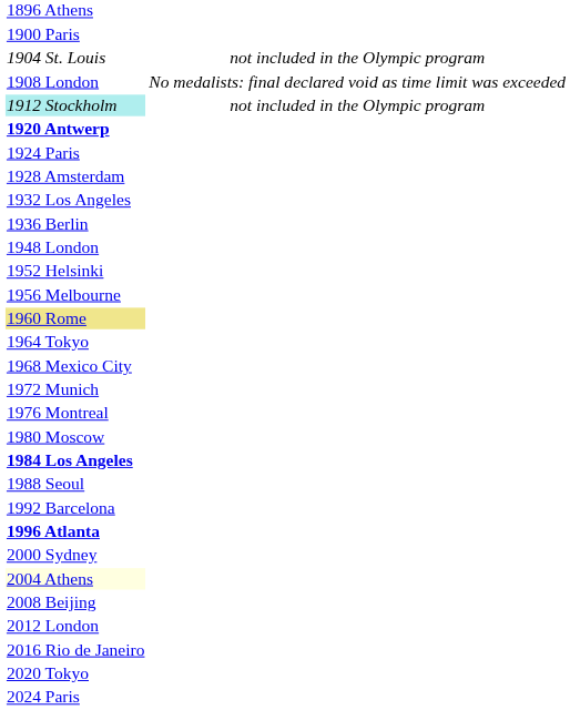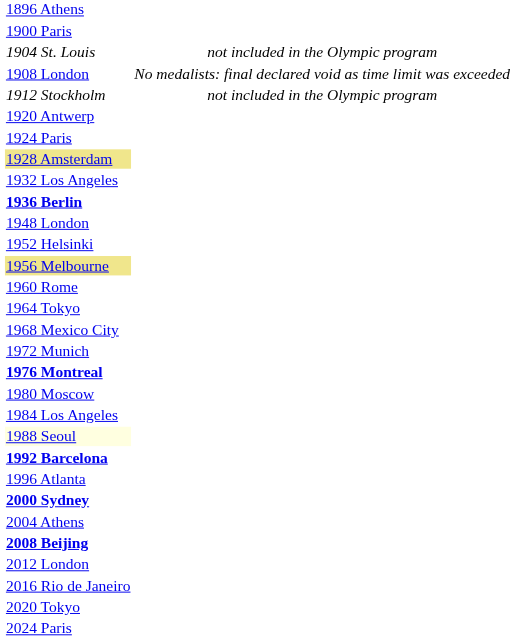 <table>
 <tr>
 <td><a href='#'>1896 Athens</a><br></td>
 <td></td>
 <td></td>
 <td></td>
 </tr>
 <tr>
 <td><a href='#'>1900 Paris</a><br></td>
 <td></td>
 <td></td>
 <td></td>
 </tr>
 <tr>
 <td><em>1904 St. Louis</em></td>
 <td colspan=3 align=center><em>not included in the Olympic program</em></td>
 </tr>
 <tr>
 <td><a href='#'>1908 London</a><br></td>
 <td colspan=3 align=center><em>No medalists: final declared void as time limit was exceeded</em></td>
 </tr>
 <tr>
-<td style="background: paleturquoise;"><em>1912 Stockholm</em></td>
+<td><em>1912 Stockholm</em></td>
 <td colspan=3 align=center><em>not included in the Olympic program</em></td>
 </tr>
 <tr>
-<td><strong><a href='#'>1920 Antwerp</a><br></strong></td>
+<td><a href='#'>1920 Antwerp</a><br></td>
 <td></td>
 <td></td>
 <td></td>
 </tr>
 <tr>
 <td><a href='#'>1924 Paris</a><br></td>
 <td></td>
 <td></td>
 <td></td>
 </tr>
 <tr>
-<td><a href='#'>1928 Amsterdam</a><br></td>
+<td style="background: khaki;"><a href='#'>1928 Amsterdam</a><br></td>
 <td></td>
 <td></td>
 <td></td>
 </tr>
 <tr>
 <td><a href='#'>1932 Los Angeles</a><br></td>
 <td></td>
 <td></td>
 <td></td>
 </tr>
 <tr>
-<td><a href='#'>1936 Berlin</a><br></td>
+<td><strong><a href='#'>1936 Berlin</a><br></strong></td>
 <td></td>
 <td></td>
 <td></td>
 </tr>
 <tr>
 <td><a href='#'>1948 London</a><br></td>
 <td></td>
 <td></td>
 <td></td>
 </tr>
 <tr>
 <td><a href='#'>1952 Helsinki</a><br></td>
 <td></td>
 <td></td>
 <td></td>
 </tr>
 <tr>
-<td><a href='#'>1956 Melbourne</a><br></td>
+<td style="background: khaki;"><a href='#'>1956 Melbourne</a><br></td>
 <td></td>
 <td></td>
 <td></td>
 </tr>
 <tr>
-<td style="background: khaki;"><a href='#'>1960 Rome</a><br></td>
+<td><a href='#'>1960 Rome</a><br></td>
 <td></td>
 <td></td>
 <td></td>
 </tr>
 <tr>
 <td><a href='#'>1964 Tokyo</a><br></td>
 <td></td>
 <td></td>
 <td></td>
 </tr>
 <tr>
 <td><a href='#'>1968 Mexico City</a><br></td>
 <td></td>
 <td></td>
 <td></td>
 </tr>
 <tr>
 <td><a href='#'>1972 Munich</a><br></td>
 <td></td>
 <td></td>
 <td></td>
 </tr>
 <tr>
-<td><a href='#'>1976 Montreal</a><br></td>
+<td><strong><a href='#'>1976 Montreal</a><br></strong></td>
 <td></td>
 <td></td>
 <td></td>
 </tr>
 <tr>
 <td><a href='#'>1980 Moscow</a><br></td>
 <td></td>
 <td></td>
 <td></td>
 </tr>
 <tr>
-<td><strong><a href='#'>1984 Los Angeles</a><br></strong></td>
+<td><a href='#'>1984 Los Angeles</a><br></td>
 <td></td>
 <td></td>
 <td></td>
 </tr>
 <tr>
-<td><a href='#'>1988 Seoul</a><br></td>
+<td style="background: lightyellow;"><a href='#'>1988 Seoul</a><br></td>
 <td></td>
 <td></td>
 <td></td>
 </tr>
 <tr>
-<td><a href='#'>1992 Barcelona</a><br></td>
+<td><strong><a href='#'>1992 Barcelona</a><br></strong></td>
 <td></td>
 <td></td>
 <td></td>
 </tr>
 <tr>
-<td><strong><a href='#'>1996 Atlanta</a><br></strong></td>
+<td><a href='#'>1996 Atlanta</a><br></td>
 <td></td>
 <td></td>
 <td></td>
 </tr>
 <tr>
-<td><a href='#'>2000 Sydney</a><br></td>
+<td><strong><a href='#'>2000 Sydney</a><br></strong></td>
 <td></td>
 <td></td>
 <td></td>
 </tr>
 <tr>
-<td style="background: lightyellow;"><a href='#'>2004 Athens</a><br></td>
+<td><a href='#'>2004 Athens</a><br></td>
 <td></td>
 <td></td>
 <td></td>
 </tr>
 <tr>
-<td><a href='#'>2008 Beijing</a><br></td>
+<td><strong><a href='#'>2008 Beijing</a><br></strong></td>
 <td></td>
 <td></td>
 <td></td>
 </tr>
 <tr>
 <td><a href='#'>2012 London</a><br></td>
 <td></td>
 <td></td>
 <td></td>
 </tr>
 <tr>
 <td><a href='#'>2016 Rio de Janeiro</a><br></td>
 <td></td>
 <td></td>
 <td></td>
 </tr>
 <tr>
 <td><a href='#'>2020 Tokyo</a><br></td>
 <td></td>
 <td></td>
 <td></td>
 </tr>
 <tr>
 <td><a href='#'>2024 Paris</a> <br></td>
 <td></td>
 <td></td>
 <td></td>
 </tr>
 <tr>
 </tr>
 </table>
